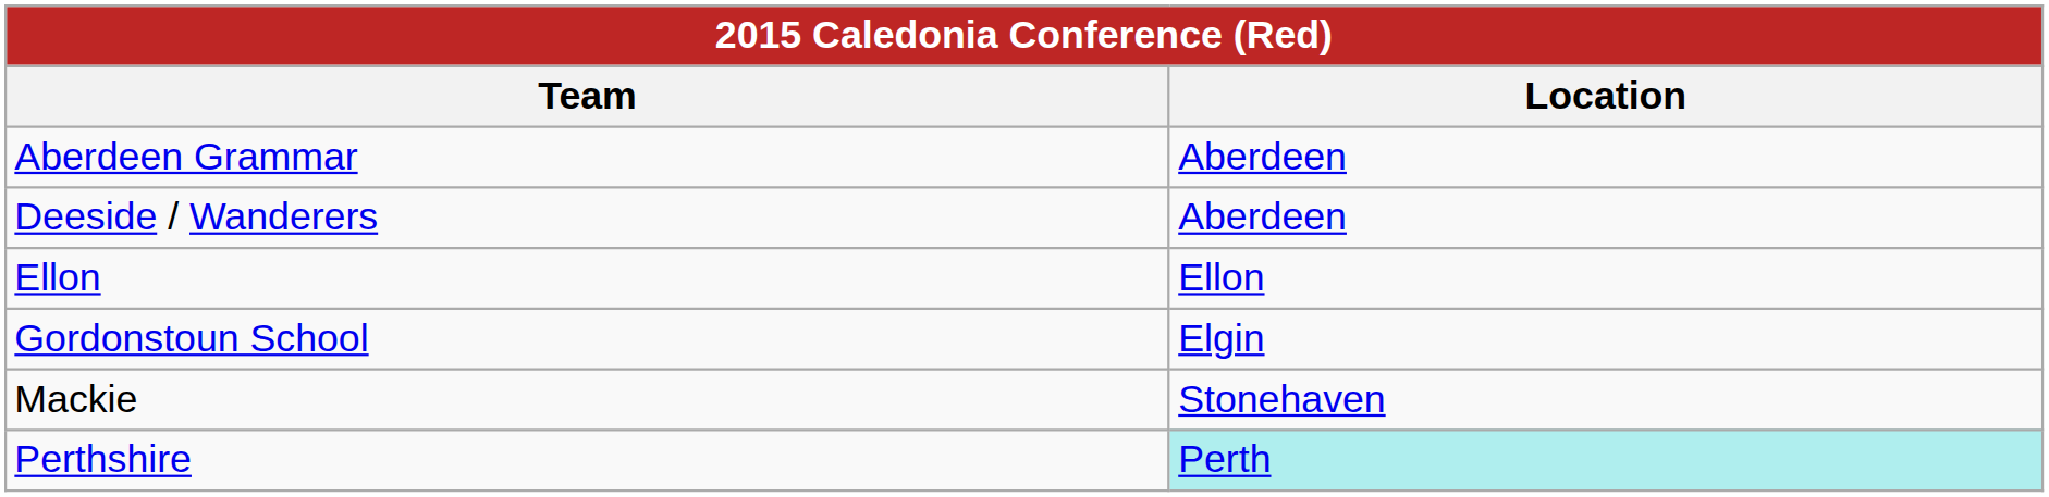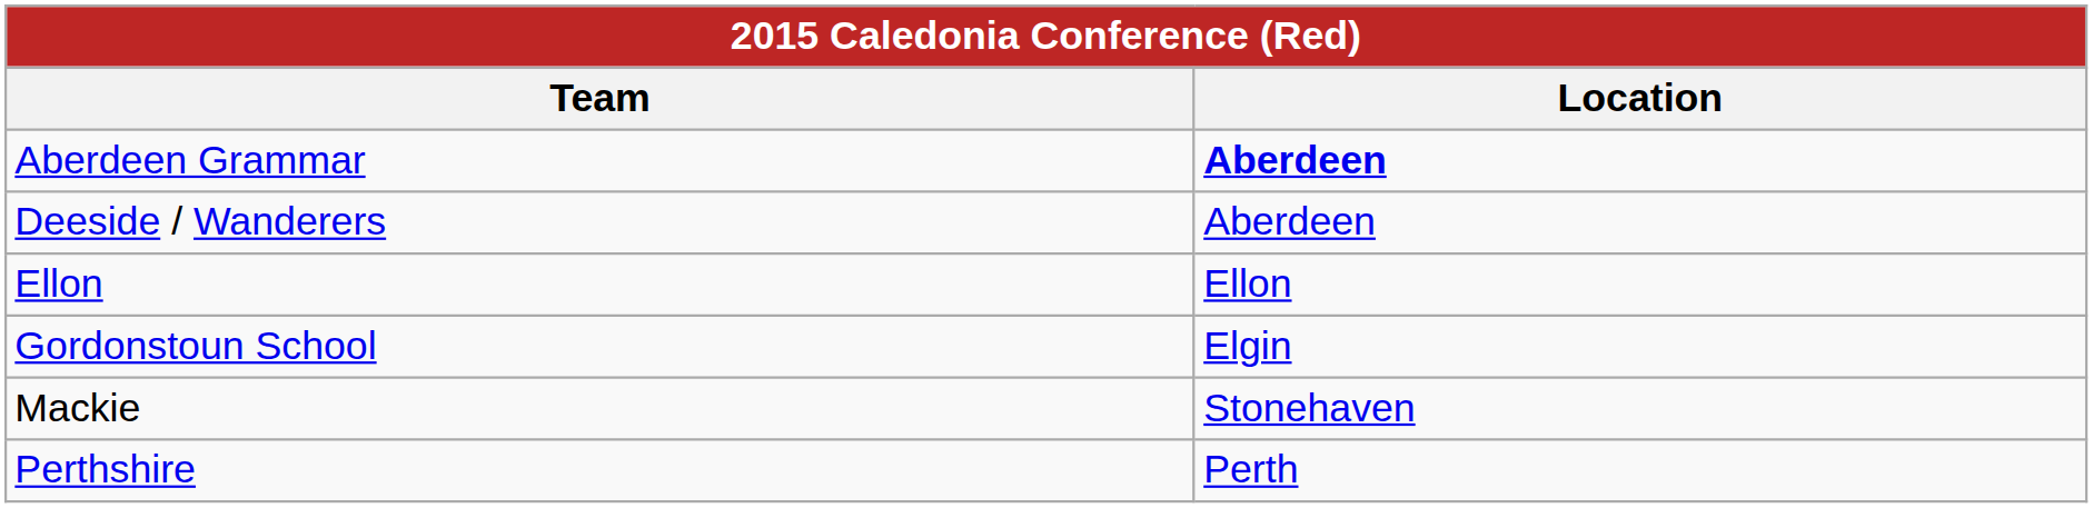 <table class="wikitable sortable" style="text-align:left; line-height:110%; font-size:100%; width:95%;">
 <tr>
 <td colspan=4 align=center style="background-color:#BE2625;color:#ffffff"><strong>2015 Caledonia Conference (Red)</strong></td>
 </tr>
 <tr>
 <th width="40%">Team</th>
 <th width="30%">Location</th>
 </tr>
 <tr>
 <td><a href='#'>Aberdeen Grammar</a></td>
-<td><a href='#'>Aberdeen</a></td>
+<td><strong><a href='#'>Aberdeen</a></strong></td>
 </tr>
 <tr>
 <td><a href='#'>Deeside</a> / <a href='#'>Wanderers</a></td>
 <td><a href='#'>Aberdeen</a></td>
 </tr>
 <tr>
 <td><a href='#'>Ellon</a></td>
 <td><a href='#'>Ellon</a></td>
 </tr>
 <tr>
 <td><a href='#'>Gordonstoun School</a></td>
 <td><a href='#'>Elgin</a></td>
 </tr>
 <tr>
 <td>Mackie</td>
 <td><a href='#'>Stonehaven</a></td>
 </tr>
 <tr>
 <td><a href='#'>Perthshire</a></td>
-<td style="background: paleturquoise;"><a href='#'>Perth</a></td>
+<td><a href='#'>Perth</a></td>
 </tr>
 </table>
